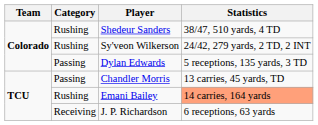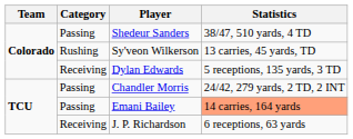 <table class="wikitable" style="float: right;">
 <tr>
 <th>Team</th>
 <th>Category</th>
 <th>Player</th>
 <th>Statistics</th>
 </tr>
 <tr>
 <td rowspan=3><strong>Colorado</strong></td>
-<td>Rushing</td>
+<td>Passing</td>
 <td><a href='#'>Shedeur Sanders</a></td>
 <td>38/47, 510 yards, 4 TD</td>
 </tr>
 <tr>
 <td>Rushing</td>
 <td>Sy'veon Wilkerson</td>
-<td>24/42, 279 yards, 2 TD, 2 INT</td>
+<td>13 carries, 45 yards, TD</td>
 </tr>
 <tr>
-<td>Passing</td>
+<td>Receiving</td>
 <td><a href='#'>Dylan Edwards</a></td>
 <td>5 receptions, 135 yards, 3 TD</td>
 </tr>
 <tr>
 <td rowspan=3><strong>TCU</strong></td>
 <td>Passing</td>
 <td><a href='#'>Chandler Morris</a></td>
-<td>13 carries, 45 yards, TD</td>
+<td>24/42, 279 yards, 2 TD, 2 INT</td>
 </tr>
 <tr>
-<td>Rushing</td>
+<td>Passing</td>
 <td><a href='#'>Emani Bailey</a></td>
 <td style="background: lightsalmon;">14 carries, 164 yards</td>
 </tr>
 <tr>
 <td>Receiving</td>
 <td>J. P. Richardson</td>
 <td>6 receptions, 63 yards</td>
 </tr>
 </table>
